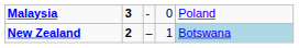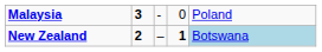 <table class="wikitable">
 <tr>
 <td width=150> <strong><a href='#'>Malaysia</a></strong></td>
 <td style="width:20px; text-align:left;"><strong>3</strong></td>
 <td>-</td>
 <td style="width:20px; text-align:right;">0</td>
 <td width=150> <a href='#'>Poland</a></td>
 </tr>
 <tr>
 <td> <strong><a href='#'>New Zealand</a></strong></td>
 <td style="text-align:left;"><strong>2</strong></td>
 <td>–</td>
-<td style="text-align:right;">1</td>
+<td style="text-align:right;"><strong>1</strong></td>
 <td style="background: lightblue;"> <a href='#'>Botswana</a></td>
 </tr>
 </table>
